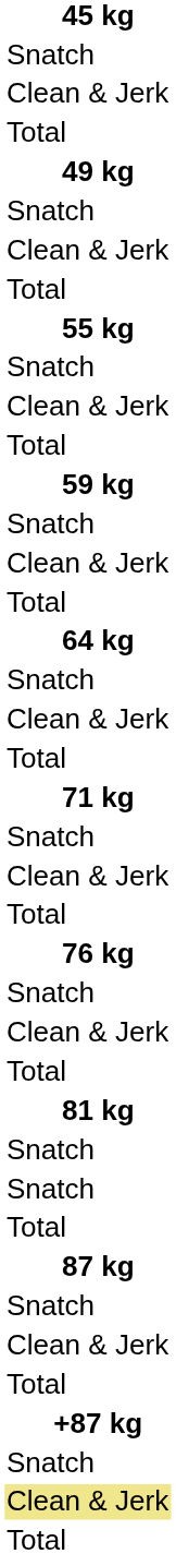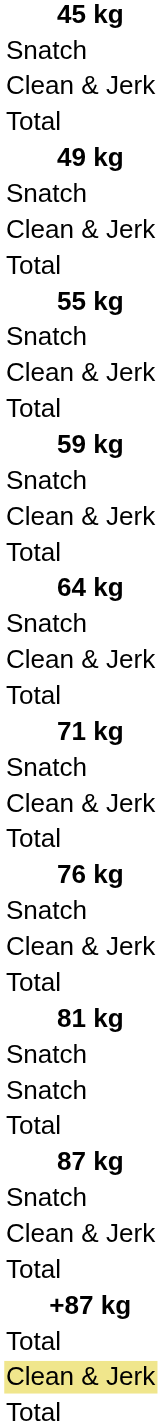 <table>
 <tr>
 <th colspan=4>45 kg</th>
 </tr>
 <tr>
 <td>Snatch</td>
 <td></td>
 <td></td>
 <td></td>
 </tr>
 <tr>
 <td>Clean & Jerk</td>
 <td></td>
 <td></td>
 <td></td>
 </tr>
 <tr>
 <td>Total</td>
 <td></td>
 <td></td>
 <td></td>
 </tr>
 <tr>
 <th colspan=4>49 kg</th>
 </tr>
 <tr>
 <td>Snatch</td>
 <td></td>
 <td></td>
 <td></td>
 </tr>
 <tr>
 <td>Clean & Jerk</td>
 <td></td>
 <td></td>
 <td></td>
 </tr>
 <tr>
 <td>Total</td>
 <td></td>
 <td></td>
 <td></td>
 </tr>
 <tr>
 <th colspan=4>55 kg</th>
 </tr>
 <tr>
 <td>Snatch</td>
 <td></td>
 <td></td>
 <td></td>
 </tr>
 <tr>
 <td>Clean & Jerk</td>
 <td></td>
 <td></td>
 <td></td>
 </tr>
 <tr>
 <td>Total</td>
 <td></td>
 <td></td>
 <td></td>
 </tr>
 <tr>
 <th colspan=4>59 kg</th>
 </tr>
 <tr>
 <td>Snatch</td>
 <td></td>
 <td></td>
 <td></td>
 </tr>
 <tr>
 <td>Clean & Jerk</td>
 <td></td>
 <td></td>
 <td></td>
 </tr>
 <tr>
 <td>Total</td>
 <td></td>
 <td></td>
 <td></td>
 </tr>
 <tr>
 <th colspan=4>64 kg</th>
 </tr>
 <tr>
 <td>Snatch</td>
 <td></td>
 <td></td>
 <td></td>
 </tr>
 <tr>
 <td>Clean & Jerk</td>
 <td></td>
 <td></td>
 <td></td>
 </tr>
 <tr>
 <td>Total</td>
 <td></td>
 <td></td>
 <td></td>
 </tr>
 <tr>
 <th colspan=4>71 kg</th>
 </tr>
 <tr>
 <td>Snatch</td>
 <td></td>
 <td></td>
 <td></td>
 </tr>
 <tr>
 <td>Clean & Jerk</td>
 <td></td>
 <td></td>
 <td></td>
 </tr>
 <tr>
 <td>Total</td>
 <td></td>
 <td></td>
 <td></td>
 </tr>
 <tr>
 <th colspan=4>76 kg</th>
 </tr>
 <tr>
 <td>Snatch</td>
 <td></td>
 <td></td>
 <td></td>
 </tr>
 <tr>
 <td>Clean & Jerk</td>
 <td></td>
 <td></td>
 <td></td>
 </tr>
 <tr>
 <td>Total</td>
 <td></td>
 <td></td>
 <td></td>
 </tr>
 <tr>
 <th colspan=4>81 kg</th>
 </tr>
 <tr>
 <td>Snatch</td>
 <td></td>
 <td></td>
 <td></td>
 </tr>
 <tr>
 <td>Snatch</td>
 <td></td>
 <td></td>
 <td></td>
 </tr>
 <tr>
 <td>Total</td>
 <td></td>
 <td></td>
 <td></td>
 </tr>
 <tr>
 <th colspan=4>87 kg</th>
 </tr>
 <tr>
 <td>Snatch</td>
 <td></td>
 <td></td>
 <td></td>
 </tr>
 <tr>
 <td>Clean & Jerk</td>
 <td></td>
 <td></td>
 <td></td>
 </tr>
 <tr>
 <td>Total</td>
 <td></td>
 <td></td>
 <td></td>
 </tr>
 <tr>
 <th colspan=4>+87 kg</th>
 </tr>
 <tr>
-<td>Snatch</td>
+<td>Total</td>
 <td></td>
 <td></td>
 <td></td>
 </tr>
 <tr>
 <td style="background: khaki;">Clean & Jerk</td>
 <td></td>
 <td></td>
 <td></td>
 </tr>
 <tr>
 <td>Total</td>
 <td></td>
 <td></td>
 <td></td>
 </tr>
 </table>
